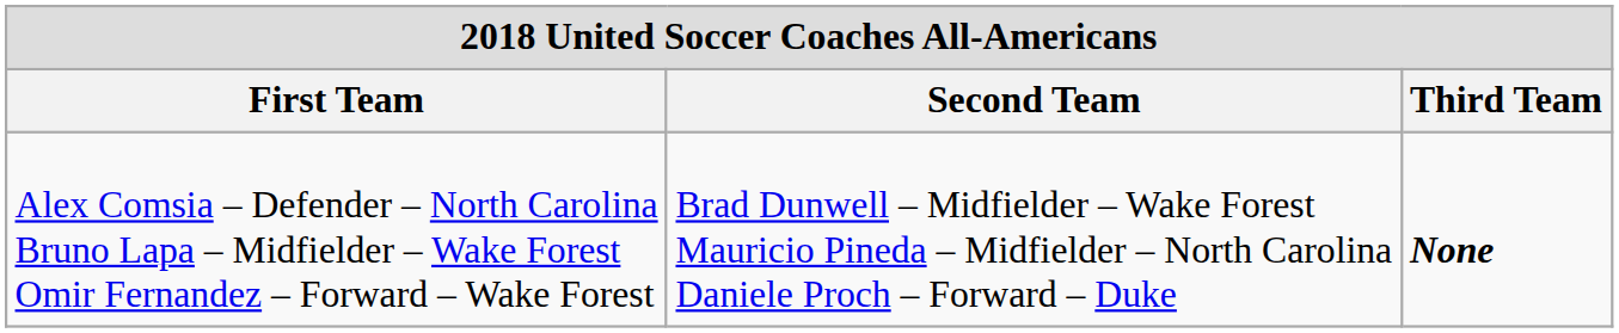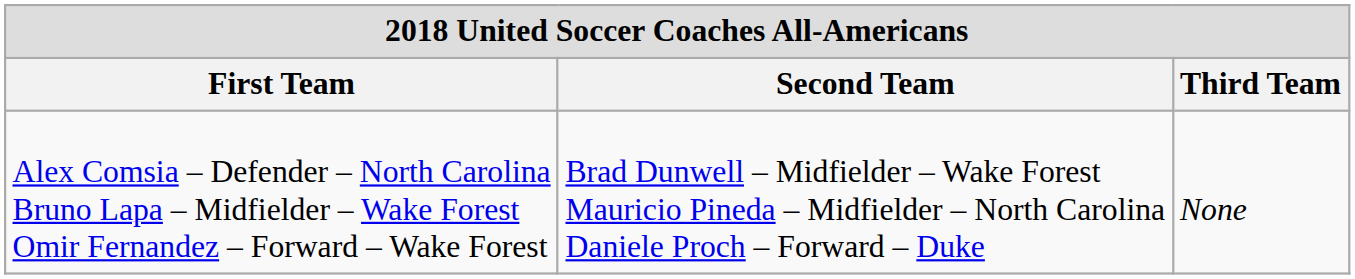 <table class="wikitable" style="white-space:nowrap; font-size:90%;">
 <tr>
 <td colspan="7" style="text-align:center; background:#ddd;"><strong>2018 United Soccer Coaches All-Americans</strong></td>
 </tr>
 <tr>
 <th>First Team</th>
 <th>Second Team</th>
 <th>Third Team</th>
 </tr>
 <tr>
 <td><br><a href='#'>Alex Comsia</a> – Defender – <a href='#'>North Carolina</a> <br> <a href='#'>Bruno Lapa</a> – Midfielder – <a href='#'>Wake Forest</a> <br> <a href='#'>Omir Fernandez</a> – Forward – Wake Forest</td>
 <td><br><a href='#'>Brad Dunwell</a> – Midfielder – Wake Forest <br> <a href='#'>Mauricio Pineda</a> – Midfielder – North Carolina <br> <a href='#'>Daniele Proch</a> – Forward – <a href='#'>Duke</a></td>
-<td><strong><br><em>None</em></strong></td>
+<td><br><em>None</em></td>
 </tr>
 </table>
